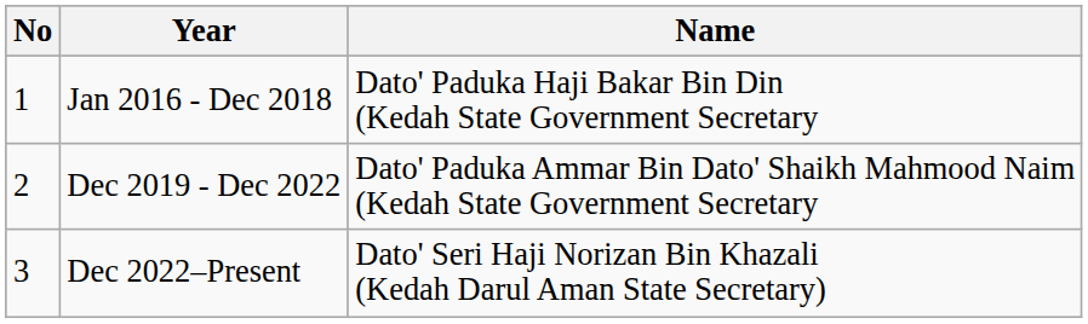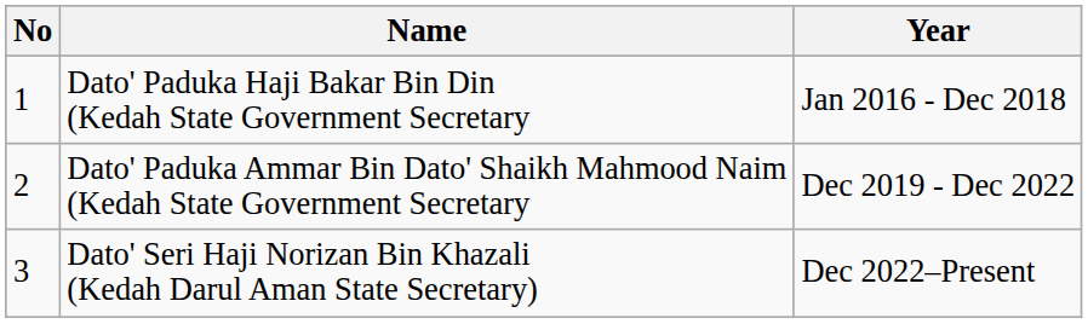 <table class="wikitable">
 <tr>
 <th>No</th>
+<th>Name</th>
 <th>Year</th>
-<th>Name</th>
 </tr>
 <tr>
 <td>1</td>
+<td>Dato' Paduka Haji Bakar Bin Din<br>(Kedah State Government Secretary</td>
 <td>Jan 2016 - Dec 2018</td>
-<td>Dato' Paduka Haji Bakar Bin Din<br>(Kedah State Government Secretary</td>
 </tr>
 <tr>
 <td>2</td>
+<td>Dato' Paduka Ammar Bin Dato' Shaikh Mahmood Naim<br>(Kedah State Government Secretary</td>
 <td>Dec 2019 - Dec 2022</td>
-<td>Dato' Paduka Ammar Bin Dato' Shaikh Mahmood Naim<br>(Kedah State Government Secretary</td>
 </tr>
 <tr>
 <td>3</td>
+<td>Dato' Seri Haji Norizan Bin Khazali<br>(Kedah Darul Aman State Secretary)</td>
 <td>Dec 2022–Present</td>
-<td>Dato' Seri Haji Norizan Bin Khazali<br>(Kedah Darul Aman State Secretary)</td>
 </tr>
 </table>
